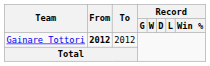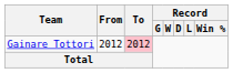 <table class="wikitable" style="text-align: center">
 <tr>
 <th rowspan="2">Team</th>
 <th rowspan="2">From</th>
 <th rowspan="2">To</th>
 <th colspan="5">Record</th>
 </tr>
 <tr>
 <th>G</th>
 <th>W</th>
 <th>D</th>
 <th>L</th>
 <th>Win %</th>
 </tr>
 <tr>
 <td align=left><a href='#'>Gainare Tottori</a></td>
-<td align=left><strong>2012</strong></td>
-<td align=left>2012<br></td>
+<td align=left>2012</td>
+<td align=left style="background: pink;">2012<br></td>
 </tr>
 <tr>
 <th colspan=3>Total<br></th>
 </tr>
 </table>
